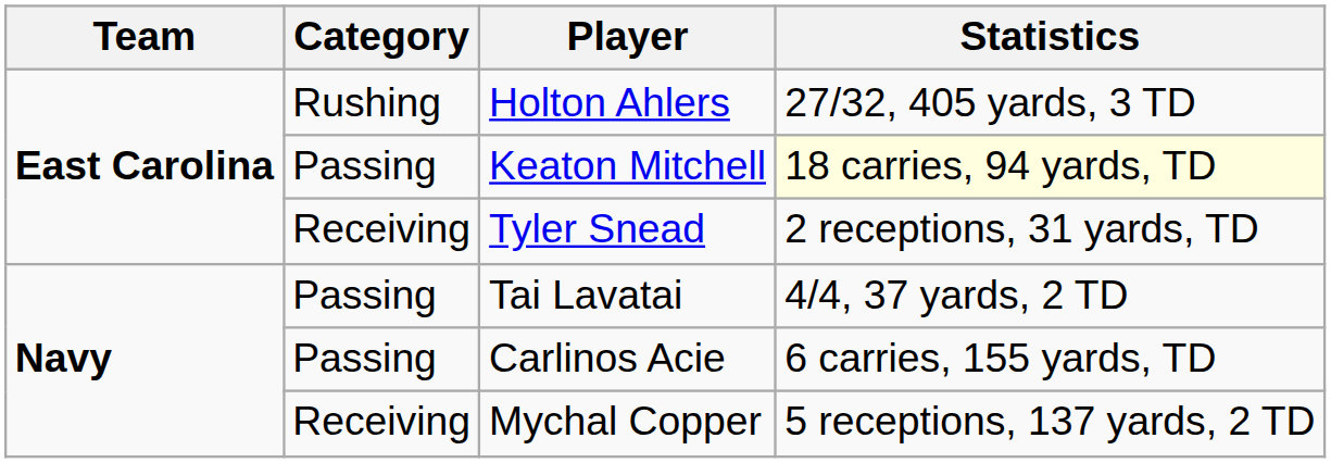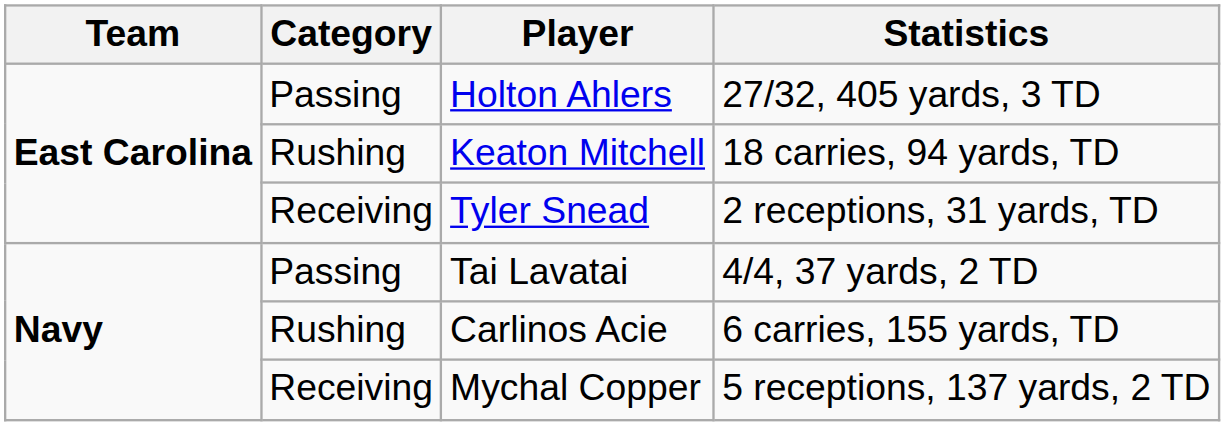 <table class="wikitable" style="float: left;">
 <tr>
 <th>Team</th>
 <th>Category</th>
 <th>Player</th>
 <th>Statistics</th>
 </tr>
 <tr>
 <td rowspan=3><strong>East Carolina</strong></td>
-<td>Rushing</td>
+<td>Passing</td>
 <td><a href='#'>Holton Ahlers</a></td>
 <td>27/32, 405 yards, 3 TD</td>
 </tr>
 <tr>
-<td>Passing</td>
+<td>Rushing</td>
 <td><a href='#'>Keaton Mitchell</a></td>
-<td style="background: lightyellow;">18 carries, 94 yards, TD</td>
+<td>18 carries, 94 yards, TD</td>
 </tr>
 <tr>
 <td>Receiving</td>
 <td><a href='#'>Tyler Snead</a></td>
 <td>2 receptions, 31 yards, TD</td>
 </tr>
 <tr>
 <td rowspan=3><strong>Navy</strong></td>
 <td>Passing</td>
 <td>Tai Lavatai</td>
 <td>4/4, 37 yards, 2 TD</td>
 </tr>
 <tr>
-<td>Passing</td>
+<td>Rushing</td>
 <td>Carlinos Acie</td>
 <td>6 carries, 155 yards, TD</td>
 </tr>
 <tr>
 <td>Receiving</td>
 <td>Mychal Copper</td>
 <td>5 receptions, 137 yards, 2 TD</td>
 </tr>
 </table>
